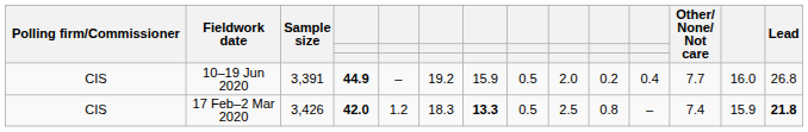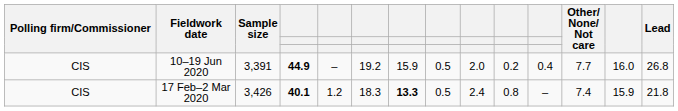 <table class="wikitable collapsible collapsed" style="text-align:center; font-size:90%; line-height:14px;">
 <tr style="height:42px;">
 <th style="width:250px;" rowspan="3">Polling firm/Commissioner</th>
 <th style="width:125px;" rowspan="3">Fieldwork date</th>
 <th style="width:50px;" rowspan="3">Sample size</th>
 <th style="width:55px;"></th>
 <th style="width:55px;"></th>
 <th style="width:55px;"></th>
 <th style="width:55px;"></th>
 <th style="width:55px;"></th>
 <th style="width:55px;"></th>
 <th style="width:55px;"></th>
 <th style="width:55px;"></th>
 <th style="width:55px;" rowspan="3">Other/<br>None/<br>Not<br>care</th>
 <th style="width:55px;" rowspan="3"></th>
 <th style="width:30px;" rowspan="3">Lead</th>
 </tr>
 <tr>
 <th style="color:inherit;background:"></th>
 <th style="color:inherit;background:"></th>
 <th style="color:inherit;background:"></th>
 <th style="color:inherit;background:"></th>
 <th style="color:inherit;background:"></th>
 <th style="color:inherit;background:"></th>
 <th style="color:inherit;background:"></th>
 <th style="color:inherit;background:"></th>
 </tr>
 <tr>
 <th></th>
 <th></th>
 <th></th>
 <th></th>
 <th></th>
 <th></th>
 <th></th>
 <th></th>
 </tr>
 <tr>
 <td>CIS</td>
 <td>10–19 Jun 2020</td>
 <td>3,391</td>
 <td><strong>44.9</strong></td>
 <td>–</td>
 <td>19.2</td>
 <td>15.9</td>
 <td>0.5</td>
 <td>2.0</td>
 <td>0.2</td>
 <td>0.4</td>
 <td>7.7</td>
 <td>16.0</td>
 <td style="background:">26.8</td>
 </tr>
 <tr>
 <td>CIS</td>
 <td>17 Feb–2 Mar 2020</td>
 <td>3,426</td>
-<td><strong>42.0</strong></td>
+<td><strong>40.1</strong></td>
 <td>1.2</td>
 <td>18.3</td>
 <td><strong>13.3</strong></td>
 <td>0.5</td>
-<td>2.5</td>
+<td>2.4</td>
 <td>0.8</td>
 <td>–</td>
 <td>7.4</td>
 <td>15.9</td>
-<td style="background:"><strong>21.8</strong></td>
+<td style="background:">21.8</td>
 </tr>
 </table>
